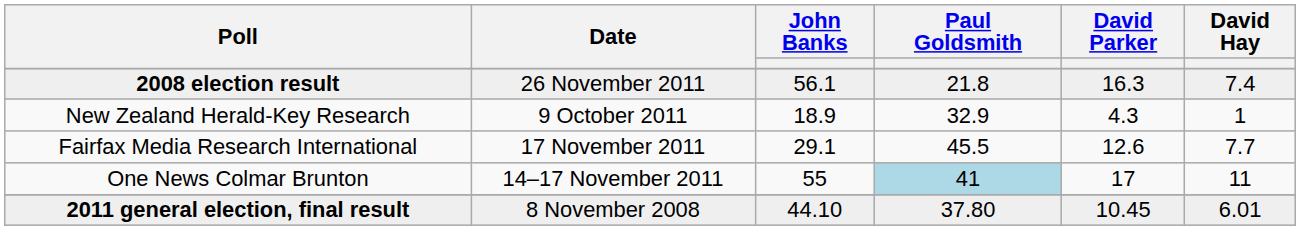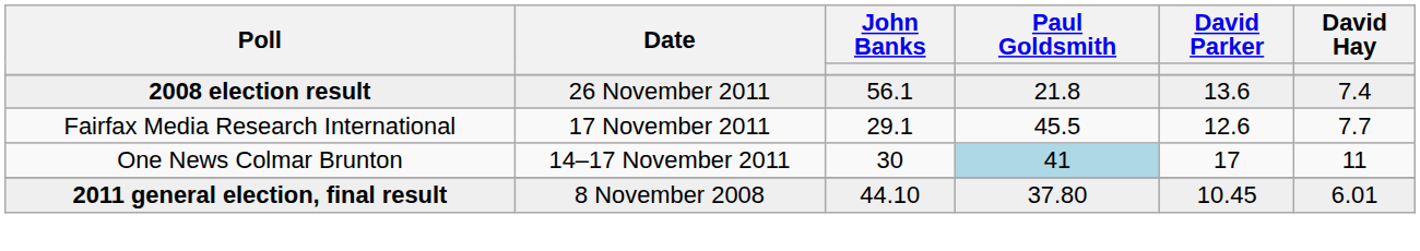 <table class="wikitable" style="width:850px;font-size:90%;line-height:14px;text-align:center;">
 <tr style="height:32px">
 <th style="width:300px;" rowspan="2">Poll</th>
 <th style="width:180px;" rowspan="2">Date<br></th>
 <th><a href='#'>John<br>Banks</a></th>
 <th><a href='#'>Paul<br>Goldsmith</a></th>
 <th><a href='#'>David<br>Parker</a></th>
 <th>David<br>Hay</th>
 </tr>
 <tr>
 <th class="unsortable" style="color:inherit;background:"></th>
 <th class="unsortable" style="color:inherit;background:"></th>
 <th class="unsortable" style="color:inherit;background:"></th>
 <th class="unsortable" style="color:inherit;background:"></th>
 </tr>
 <tr>
 </tr>
 <tr style="background:#EFEFEF; font-weight:italic;">
 <td><strong>2008 election result</strong></td>
 <td>26 November 2011</td>
 <td>56.1</td>
 <td>21.8</td>
-<td>16.3</td>
+<td>13.6</td>
 <td>7.4</td>
-</tr>
-<tr>
-<td>New Zealand Herald-Key Research</td>
-<td>9 October 2011</td>
-<td>18.9</td>
-<td>32.9</td>
-<td>4.3</td>
-<td>1</td>
 </tr>
 <tr>
 <td>Fairfax Media Research International</td>
 <td>17 November 2011</td>
 <td>29.1</td>
 <td>45.5</td>
 <td>12.6</td>
 <td>7.7</td>
 </tr>
 <tr>
 <td>One News Colmar Brunton</td>
 <td>14–17 November 2011</td>
-<td>55</td>
+<td>30</td>
 <td style="background: lightblue;">41</td>
 <td>17</td>
 <td>11</td>
 </tr>
 <tr>
 </tr>
 <tr style="background:#EFEFEF; font-weight:italic;">
 <td><strong>2011 general election, final result</strong></td>
 <td>8 November 2008</td>
 <td>44.10</td>
 <td>37.80</td>
 <td>10.45</td>
 <td>6.01</td>
 </tr>
 </table>
